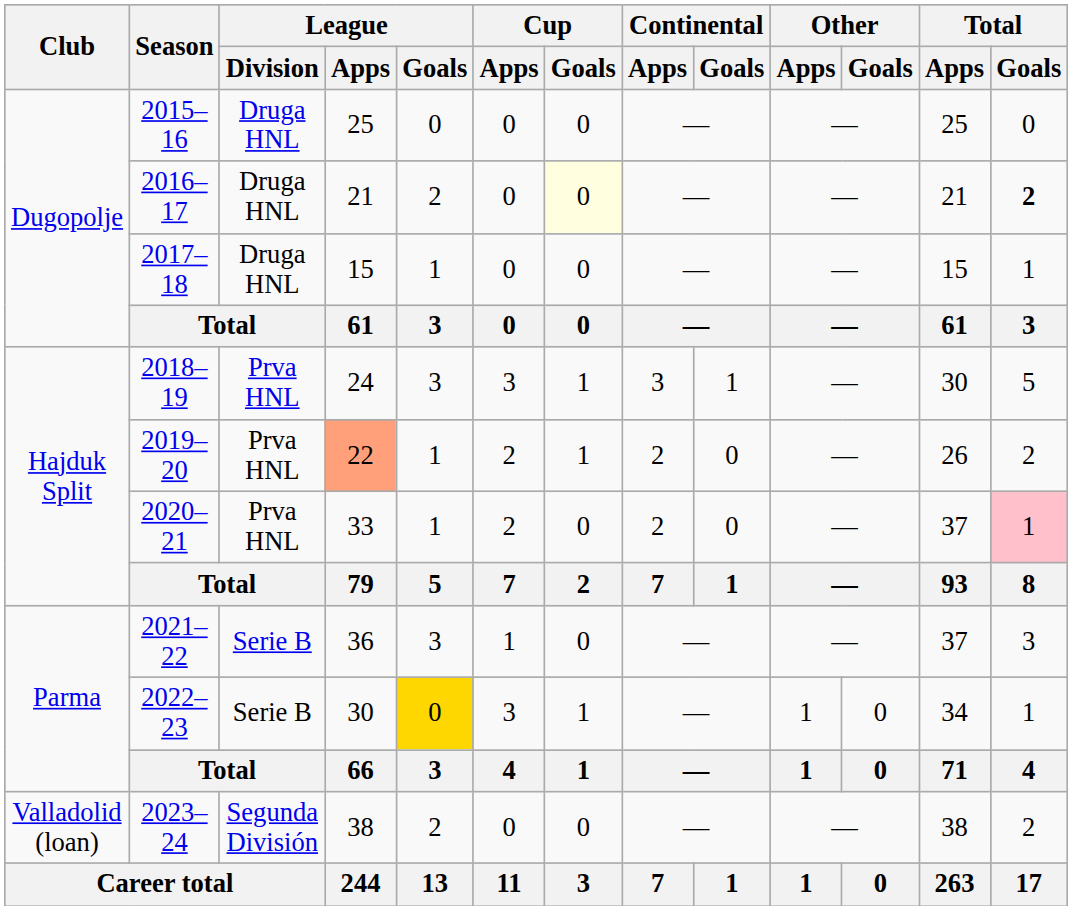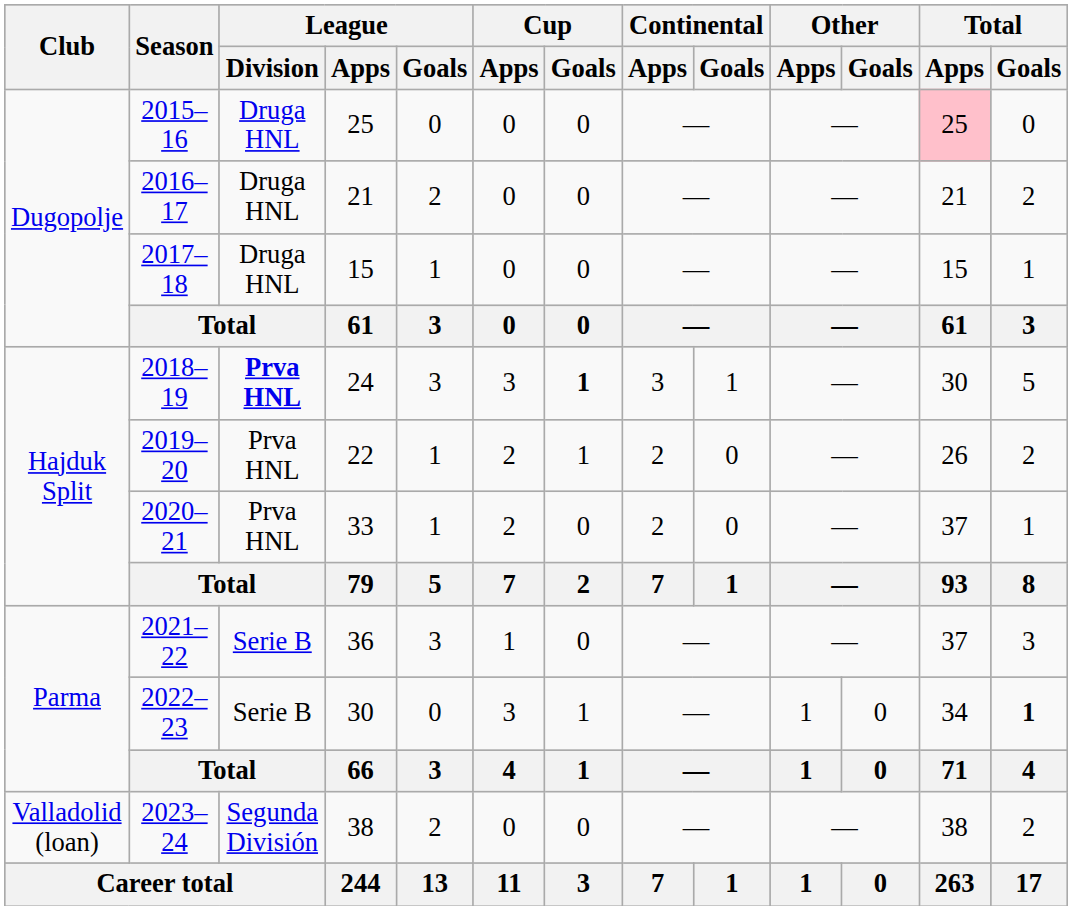 <table class="wikitable" style="text-align:center">
 <tr>
 <th rowspan="2">Club</th>
 <th rowspan="2">Season</th>
 <th colspan="3">League</th>
 <th colspan="2">Cup</th>
 <th colspan="2">Continental</th>
 <th colspan="2">Other</th>
 <th colspan="2">Total</th>
 </tr>
 <tr>
 <th>Division</th>
 <th>Apps</th>
 <th>Goals</th>
 <th>Apps</th>
 <th>Goals</th>
 <th>Apps</th>
 <th>Goals</th>
 <th>Apps</th>
 <th>Goals</th>
 <th>Apps</th>
 <th>Goals</th>
 </tr>
 <tr>
 <td rowspan="4"><a href='#'>Dugopolje</a></td>
 <td><a href='#'>2015–16</a></td>
 <td><a href='#'>Druga HNL</a></td>
 <td>25</td>
 <td>0</td>
 <td>0</td>
 <td>0</td>
 <td colspan="2">—</td>
 <td colspan="2">—</td>
-<td>25</td>
+<td style="background: pink;">25</td>
 <td>0</td>
 </tr>
 <tr>
 <td><a href='#'>2016–17</a></td>
 <td>Druga HNL</td>
 <td>21</td>
 <td>2</td>
 <td>0</td>
-<td style="background: lightyellow;">0</td>
+<td>0</td>
 <td colspan="2">—</td>
 <td colspan="2">—</td>
 <td>21</td>
-<td><strong>2</strong></td>
+<td>2</td>
 </tr>
 <tr>
 <td><a href='#'>2017–18</a></td>
 <td>Druga HNL</td>
 <td>15</td>
 <td>1</td>
 <td>0</td>
 <td>0</td>
 <td colspan="2">—</td>
 <td colspan="2">—</td>
 <td>15</td>
 <td>1</td>
 </tr>
 <tr>
 <th colspan="2">Total</th>
 <th>61</th>
 <th>3</th>
 <th>0</th>
 <th>0</th>
 <th colspan="2">—</th>
 <th colspan="2">—</th>
 <th>61</th>
 <th>3</th>
 </tr>
 <tr>
 <td rowspan="4"><a href='#'>Hajduk Split</a></td>
 <td><a href='#'>2018–19</a></td>
-<td><a href='#'>Prva HNL</a></td>
+<td><strong><a href='#'>Prva HNL</a></strong></td>
 <td>24</td>
 <td>3</td>
 <td>3</td>
-<td>1</td>
+<td><strong>1</strong></td>
 <td>3</td>
 <td>1</td>
 <td colspan="2">—</td>
 <td>30</td>
 <td>5</td>
 </tr>
 <tr>
 <td><a href='#'>2019–20</a></td>
 <td>Prva HNL</td>
-<td style="background: lightsalmon;">22</td>
+<td>22</td>
 <td>1</td>
 <td>2</td>
 <td>1</td>
 <td>2</td>
 <td>0</td>
 <td colspan="2">—</td>
 <td>26</td>
 <td>2</td>
 </tr>
 <tr>
 <td><a href='#'>2020–21</a></td>
 <td>Prva HNL</td>
 <td>33</td>
 <td>1</td>
 <td>2</td>
 <td>0</td>
 <td>2</td>
 <td>0</td>
 <td colspan="2">—</td>
 <td>37</td>
-<td style="background: pink;">1</td>
+<td>1</td>
 </tr>
 <tr>
 <th colspan="2">Total</th>
 <th>79</th>
 <th>5</th>
 <th>7</th>
 <th>2</th>
 <th>7</th>
 <th>1</th>
 <th colspan="2">—</th>
 <th>93</th>
 <th>8</th>
 </tr>
 <tr>
 <td rowspan="3"><a href='#'>Parma</a></td>
 <td><a href='#'>2021–22</a></td>
 <td><a href='#'>Serie B</a></td>
 <td>36</td>
 <td>3</td>
 <td>1</td>
 <td>0</td>
 <td colspan="2">—</td>
 <td colspan="2">—</td>
 <td>37</td>
 <td>3</td>
 </tr>
 <tr>
 <td><a href='#'>2022–23</a></td>
 <td>Serie B</td>
 <td>30</td>
-<td style="background: gold;">0</td>
+<td>0</td>
 <td>3</td>
 <td>1</td>
 <td colspan="2">—</td>
 <td>1</td>
 <td>0</td>
 <td>34</td>
-<td>1</td>
+<td><strong>1</strong></td>
 </tr>
 <tr>
 <th colspan="2">Total</th>
 <th>66</th>
 <th>3</th>
 <th>4</th>
 <th>1</th>
 <th colspan="2">—</th>
 <th>1</th>
 <th>0</th>
 <th>71</th>
 <th>4</th>
 </tr>
 <tr>
 <td><a href='#'>Valladolid</a> (loan)</td>
 <td><a href='#'>2023–24</a></td>
 <td><a href='#'>Segunda División</a></td>
 <td>38</td>
 <td>2</td>
 <td>0</td>
 <td>0</td>
 <td colspan="2">—</td>
 <td colspan="2">—</td>
 <td>38</td>
 <td>2</td>
 </tr>
 <tr>
 <th colspan="3">Career total</th>
 <th>244</th>
 <th>13</th>
 <th>11</th>
 <th>3</th>
 <th>7</th>
 <th>1</th>
 <th>1</th>
 <th>0</th>
 <th>263</th>
 <th>17</th>
 </tr>
 </table>
